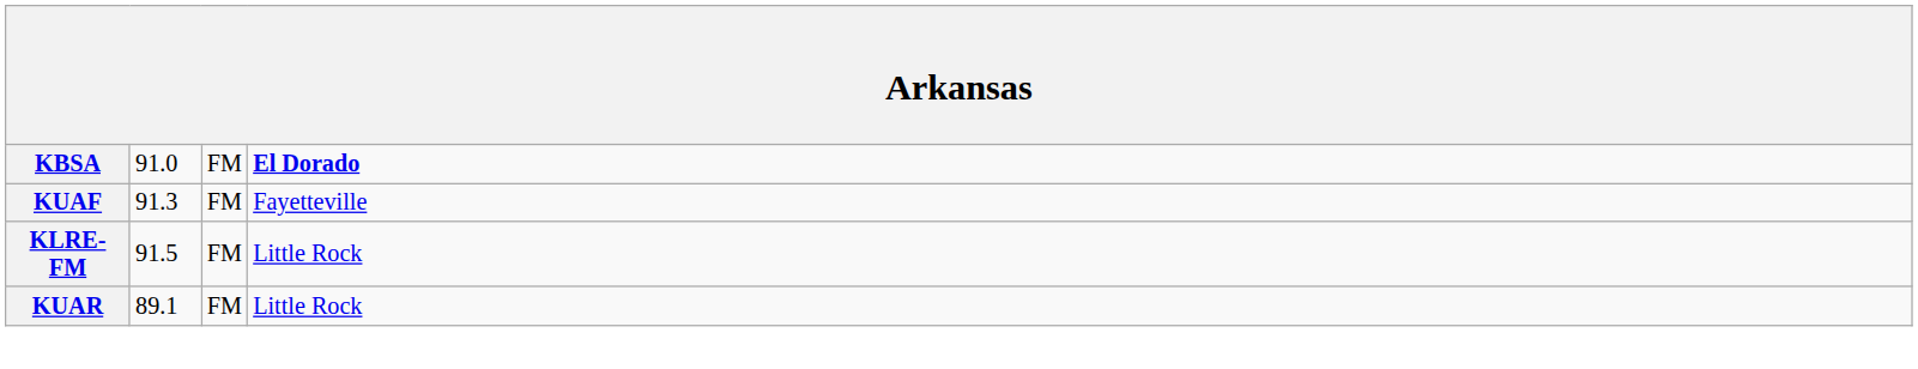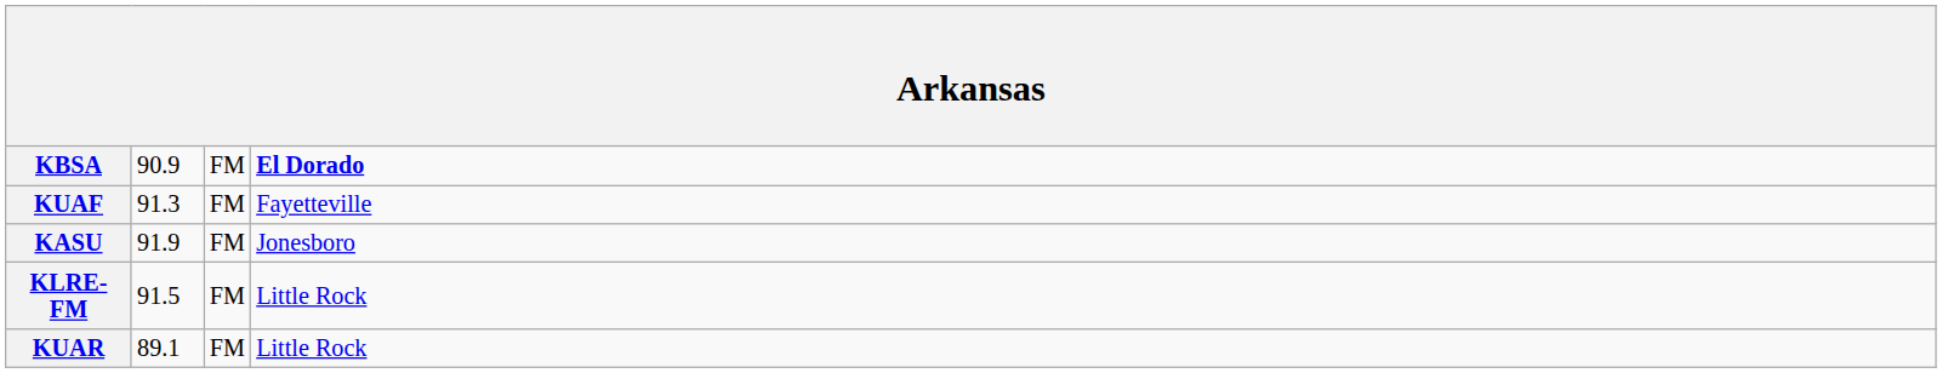 <table class="wikitable mw-collapsible" style="width:100%">
 <tr>
 <th scope="col" colspan="4"><br><h2>Arkansas</h2></th>
 </tr>
 <tr>
 <th scope="row" style="width: 75px;"><a href='#'>KBSA</a></th>
-<td style="width: 40px;">91.0</td>
+<td style="width: 40px;">90.9</td>
 <td style="width: 21px;">FM</td>
 <td><strong><a href='#'>El Dorado</a></strong></td>
 </tr>
 <tr>
 <th scope="row"><a href='#'>KUAF</a></th>
 <td>91.3</td>
 <td>FM</td>
 <td><a href='#'>Fayetteville</a></td>
+</tr>
+<tr>
+<th scope="row"><a href='#'>KASU</a></th>
+<td>91.9</td>
+<td>FM</td>
+<td><a href='#'>Jonesboro</a></td>
 </tr>
 <tr>
 <th scope="row"><a href='#'>KLRE-FM</a></th>
 <td>91.5</td>
 <td>FM</td>
 <td><a href='#'>Little Rock</a></td>
 </tr>
 <tr>
 <th scope="row"><a href='#'>KUAR</a></th>
 <td>89.1</td>
 <td>FM</td>
 <td><a href='#'>Little Rock</a></td>
 </tr>
 </table>
